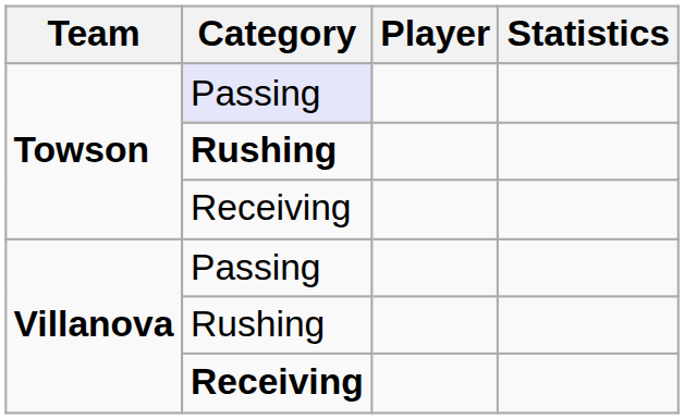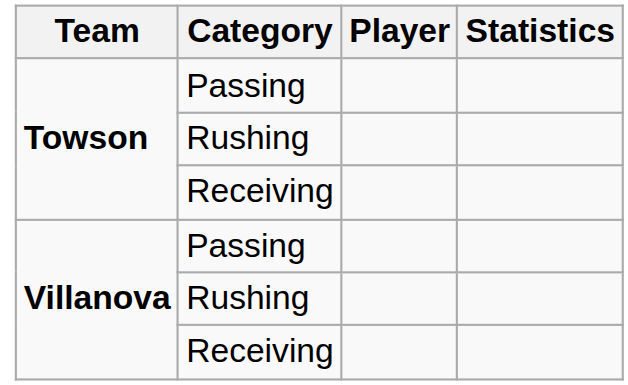 <table class="wikitable" style="float: right;">
 <tr>
 <th>Team</th>
 <th>Category</th>
 <th>Player</th>
 <th>Statistics</th>
 </tr>
 <tr>
 <td rowspan=3><strong>Towson</strong></td>
-<td style="background: lavender;">Passing</td>
+<td>Passing</td>
 <td></td>
 <td></td>
 </tr>
 <tr>
-<td><strong>Rushing</strong></td>
+<td>Rushing</td>
 <td></td>
 <td></td>
 </tr>
 <tr>
 <td>Receiving</td>
 <td></td>
 <td></td>
 </tr>
 <tr>
 <td rowspan=3><strong>Villanova</strong></td>
 <td>Passing</td>
 <td></td>
 <td></td>
 </tr>
 <tr>
 <td>Rushing</td>
 <td></td>
 <td></td>
 </tr>
 <tr>
-<td><strong>Receiving</strong></td>
+<td>Receiving</td>
 <td></td>
 <td></td>
 </tr>
 </table>
